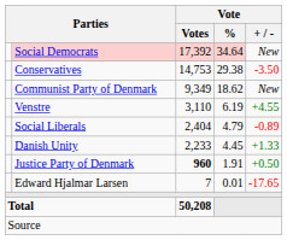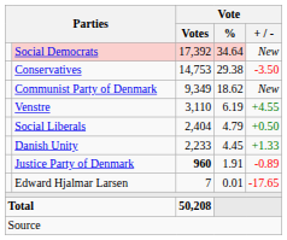 <table class="wikitable" style="text-align:right;">
 <tr>
 <th style="text-align:centre;" rowspan="2" colspan="2" width="225">Parties</th>
 <th colspan="3">Vote</th>
 </tr>
 <tr>
 <th width="15">Votes</th>
 <th width="15">%</th>
 <th width="15">+ / -</th>
 </tr>
 <tr>
 <td width="2" style="color:inherit;background:"></td>
 <td bgcolor=#fbd0ce  align="left"><a href='#'>Social Democrats</a></td>
 <td bgcolor=#fbd0ce>17,392</td>
 <td bgcolor=#fbd0ce>34.64</td>
 <td><em>New</em></td>
 </tr>
 <tr>
 <td width="2" style="color:inherit;background:"></td>
 <td align="left"><a href='#'>Conservatives</a></td>
 <td>14,753</td>
 <td>29.38</td>
 <td style=color:red;>-3.50</td>
 </tr>
 <tr>
 <td width="2" style="color:inherit;background:"></td>
 <td align="left"><a href='#'>Communist Party of Denmark</a></td>
 <td>9,349</td>
 <td>18.62</td>
 <td><em>New</em></td>
 </tr>
 <tr>
 <td width="2" style="color:inherit;background:"></td>
 <td align="left"><a href='#'>Venstre</a></td>
 <td>3,110</td>
 <td>6.19</td>
 <td style=color:green;>+4.55</td>
 </tr>
 <tr>
 <td width="2" style="color:inherit;background:"></td>
 <td align="left"><a href='#'>Social Liberals</a></td>
 <td>2,404</td>
 <td>4.79</td>
-<td style=color:red;>-0.89</td>
+<td style=color:green;>+0.50</td>
 </tr>
 <tr>
 <td width="2" style="color:inherit;background:"></td>
 <td align="left"><a href='#'>Danish Unity</a></td>
 <td>2,233</td>
 <td>4.45</td>
 <td style=color:green;>+1.33</td>
 </tr>
 <tr>
 <td width="2" style="color:inherit;background:"></td>
 <td align="left"><a href='#'>Justice Party of Denmark</a></td>
 <td><strong>960</strong></td>
 <td>1.91</td>
-<td style=color:green;>+0.50</td>
+<td style=color:red;>-0.89</td>
 </tr>
 <tr>
 <td width="2" style="color:inherit;background:"></td>
 <td align="left">Edward Hjalmar Larsen</td>
 <td>7</td>
 <td>0.01</td>
 <td style=color:red;>-17.65</td>
 </tr>
 <tr>
 <td colspan="7" bgcolor="#E9E9E9"></td>
 </tr>
 <tr>
 <td align="left" colspan="2"><strong>Total</strong></td>
 <td><strong>50,208</strong></td>
 <td bgcolor="#E9E9E9" colspan="2"></td>
 </tr>
 <tr>
 <td align="left" colspan="6">Source</td>
 </tr>
 </table>
